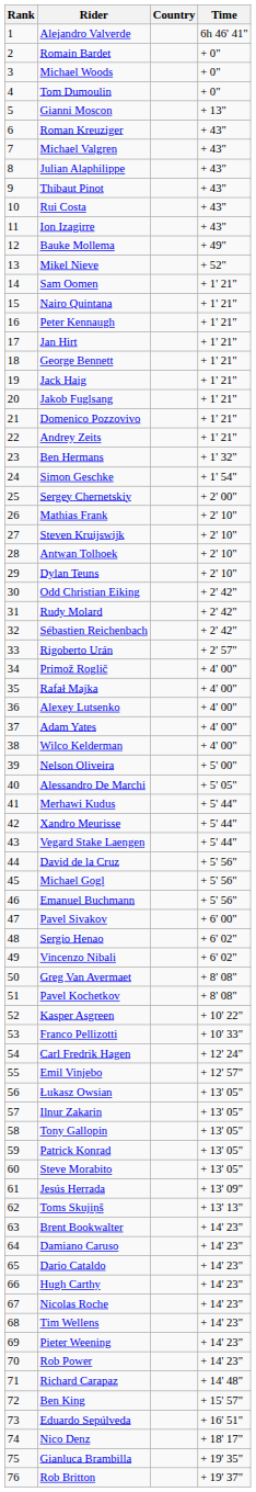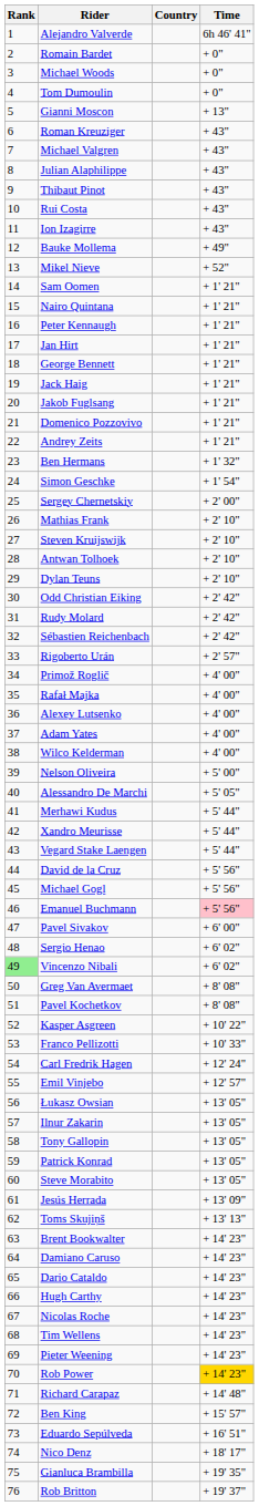 <table class="wikitable sortable" style="font-size:95%; text-align:left;">
 <tr>
 <th>Rank</th>
 <th>Rider</th>
 <th>Country</th>
 <th>Time</th>
 </tr>
 <tr>
 <td>1</td>
 <td><a href='#'>Alejandro Valverde</a></td>
 <td></td>
 <td>6h 46' 41"</td>
 </tr>
 <tr>
 <td>2</td>
 <td><a href='#'>Romain Bardet</a></td>
 <td></td>
 <td>+ 0"</td>
 </tr>
 <tr>
 <td>3</td>
 <td><a href='#'>Michael Woods</a></td>
 <td></td>
 <td>+ 0"</td>
 </tr>
 <tr>
 <td>4</td>
 <td><a href='#'>Tom Dumoulin</a></td>
 <td></td>
 <td>+ 0"</td>
 </tr>
 <tr>
 <td>5</td>
 <td><a href='#'>Gianni Moscon</a></td>
 <td></td>
 <td>+ 13"</td>
 </tr>
 <tr>
 <td>6</td>
 <td><a href='#'>Roman Kreuziger</a></td>
 <td></td>
 <td>+ 43"</td>
 </tr>
 <tr>
 <td>7</td>
 <td><a href='#'>Michael Valgren</a></td>
 <td></td>
 <td>+ 43"</td>
 </tr>
 <tr>
 <td>8</td>
 <td><a href='#'>Julian Alaphilippe</a></td>
 <td></td>
 <td>+ 43"</td>
 </tr>
 <tr>
 <td>9</td>
 <td><a href='#'>Thibaut Pinot</a></td>
 <td></td>
 <td>+ 43"</td>
 </tr>
 <tr>
 <td>10</td>
 <td><a href='#'>Rui Costa</a></td>
 <td></td>
 <td>+ 43"</td>
 </tr>
 <tr>
 <td>11</td>
 <td><a href='#'>Ion Izagirre</a></td>
 <td></td>
 <td>+ 43"</td>
 </tr>
 <tr>
 <td>12</td>
 <td><a href='#'>Bauke Mollema</a></td>
 <td></td>
 <td>+ 49"</td>
 </tr>
 <tr>
 <td>13</td>
 <td><a href='#'>Mikel Nieve</a></td>
 <td></td>
 <td>+ 52"</td>
 </tr>
 <tr>
 <td>14</td>
 <td><a href='#'>Sam Oomen</a></td>
 <td></td>
 <td>+ 1' 21"</td>
 </tr>
 <tr>
 <td>15</td>
 <td><a href='#'>Nairo Quintana</a></td>
 <td></td>
 <td>+ 1' 21"</td>
 </tr>
 <tr>
 <td>16</td>
 <td><a href='#'>Peter Kennaugh</a></td>
 <td></td>
 <td>+ 1' 21"</td>
 </tr>
 <tr>
 <td>17</td>
 <td><a href='#'>Jan Hirt</a></td>
 <td></td>
 <td>+ 1' 21"</td>
 </tr>
 <tr>
 <td>18</td>
 <td><a href='#'>George Bennett</a></td>
 <td></td>
 <td>+ 1' 21"</td>
 </tr>
 <tr>
 <td>19</td>
 <td><a href='#'>Jack Haig</a></td>
 <td></td>
 <td>+ 1' 21"</td>
 </tr>
 <tr>
 <td>20</td>
 <td><a href='#'>Jakob Fuglsang</a></td>
 <td></td>
 <td>+ 1' 21"</td>
 </tr>
 <tr>
 <td>21</td>
 <td><a href='#'>Domenico Pozzovivo</a></td>
 <td></td>
 <td>+ 1' 21"</td>
 </tr>
 <tr>
 <td>22</td>
 <td><a href='#'>Andrey Zeits</a></td>
 <td></td>
 <td>+ 1' 21"</td>
 </tr>
 <tr>
 <td>23</td>
 <td><a href='#'>Ben Hermans</a></td>
 <td></td>
 <td>+ 1' 32"</td>
 </tr>
 <tr>
 <td>24</td>
 <td><a href='#'>Simon Geschke</a></td>
 <td></td>
 <td>+ 1' 54"</td>
 </tr>
 <tr>
 <td>25</td>
 <td><a href='#'>Sergey Chernetskiy</a></td>
 <td></td>
 <td>+ 2' 00"</td>
 </tr>
 <tr>
 <td>26</td>
 <td><a href='#'>Mathias Frank</a></td>
 <td></td>
 <td>+ 2' 10"</td>
 </tr>
 <tr>
 <td>27</td>
 <td><a href='#'>Steven Kruijswijk</a></td>
 <td></td>
 <td>+ 2' 10"</td>
 </tr>
 <tr>
 <td>28</td>
 <td><a href='#'>Antwan Tolhoek</a></td>
 <td></td>
 <td>+ 2' 10"</td>
 </tr>
 <tr>
 <td>29</td>
 <td><a href='#'>Dylan Teuns</a></td>
 <td></td>
 <td>+ 2' 10"</td>
 </tr>
 <tr>
 <td>30</td>
 <td><a href='#'>Odd Christian Eiking</a></td>
 <td></td>
 <td>+ 2' 42"</td>
 </tr>
 <tr>
 <td>31</td>
 <td><a href='#'>Rudy Molard</a></td>
 <td></td>
 <td>+ 2' 42"</td>
 </tr>
 <tr>
 <td>32</td>
 <td><a href='#'>Sébastien Reichenbach</a></td>
 <td></td>
 <td>+ 2' 42"</td>
 </tr>
 <tr>
 <td>33</td>
 <td><a href='#'>Rigoberto Urán</a></td>
 <td></td>
 <td>+ 2' 57"</td>
 </tr>
 <tr>
 <td>34</td>
 <td><a href='#'>Primož Roglič</a></td>
 <td></td>
 <td>+ 4' 00"</td>
 </tr>
 <tr>
 <td>35</td>
 <td><a href='#'>Rafał Majka</a></td>
 <td></td>
 <td>+ 4' 00"</td>
 </tr>
 <tr>
 <td>36</td>
 <td><a href='#'>Alexey Lutsenko</a></td>
 <td></td>
 <td>+ 4' 00"</td>
 </tr>
 <tr>
 <td>37</td>
 <td><a href='#'>Adam Yates</a></td>
 <td></td>
 <td>+ 4' 00"</td>
 </tr>
 <tr>
 <td>38</td>
 <td><a href='#'>Wilco Kelderman</a></td>
 <td></td>
 <td>+ 4' 00"</td>
 </tr>
 <tr>
 <td>39</td>
 <td><a href='#'>Nelson Oliveira</a></td>
 <td></td>
 <td>+ 5' 00"</td>
 </tr>
 <tr>
 <td>40</td>
 <td><a href='#'>Alessandro De Marchi</a></td>
 <td></td>
 <td>+ 5' 05"</td>
 </tr>
 <tr>
 <td>41</td>
 <td><a href='#'>Merhawi Kudus</a></td>
 <td></td>
 <td>+ 5' 44"</td>
 </tr>
 <tr>
 <td>42</td>
 <td><a href='#'>Xandro Meurisse</a></td>
 <td></td>
 <td>+ 5' 44"</td>
 </tr>
 <tr>
 <td>43</td>
 <td><a href='#'>Vegard Stake Laengen</a></td>
 <td></td>
 <td>+ 5' 44"</td>
 </tr>
 <tr>
 <td>44</td>
 <td><a href='#'>David de la Cruz</a></td>
 <td></td>
 <td>+ 5' 56"</td>
 </tr>
 <tr>
 <td>45</td>
 <td><a href='#'>Michael Gogl</a></td>
 <td></td>
 <td>+ 5' 56"</td>
 </tr>
 <tr>
 <td>46</td>
 <td><a href='#'>Emanuel Buchmann</a></td>
 <td></td>
-<td>+ 5' 56"</td>
+<td style="background: pink;">+ 5' 56"</td>
 </tr>
 <tr>
 <td>47</td>
 <td><a href='#'>Pavel Sivakov</a></td>
 <td></td>
 <td>+ 6' 00"</td>
 </tr>
 <tr>
 <td>48</td>
 <td><a href='#'>Sergio Henao</a></td>
 <td></td>
 <td>+ 6' 02"</td>
 </tr>
 <tr>
-<td>49</td>
+<td style="background: lightgreen;">49</td>
 <td><a href='#'>Vincenzo Nibali</a></td>
 <td></td>
 <td>+ 6' 02"</td>
 </tr>
 <tr>
 <td>50</td>
 <td><a href='#'>Greg Van Avermaet</a></td>
 <td></td>
 <td>+ 8' 08"</td>
 </tr>
 <tr>
 <td>51</td>
 <td><a href='#'>Pavel Kochetkov</a></td>
 <td></td>
 <td>+ 8' 08"</td>
 </tr>
 <tr>
 <td>52</td>
 <td><a href='#'>Kasper Asgreen</a></td>
 <td></td>
 <td>+ 10' 22"</td>
 </tr>
 <tr>
 <td>53</td>
 <td><a href='#'>Franco Pellizotti</a></td>
 <td></td>
 <td>+ 10' 33"</td>
 </tr>
 <tr>
 <td>54</td>
 <td><a href='#'>Carl Fredrik Hagen</a></td>
 <td></td>
 <td>+ 12' 24"</td>
 </tr>
 <tr>
 <td>55</td>
 <td><a href='#'>Emil Vinjebo</a></td>
 <td></td>
 <td>+ 12' 57"</td>
 </tr>
 <tr>
 <td>56</td>
 <td><a href='#'>Łukasz Owsian</a></td>
 <td></td>
 <td>+ 13' 05"</td>
 </tr>
 <tr>
 <td>57</td>
 <td><a href='#'>Ilnur Zakarin</a></td>
 <td></td>
 <td>+ 13' 05"</td>
 </tr>
 <tr>
 <td>58</td>
 <td><a href='#'>Tony Gallopin</a></td>
 <td></td>
 <td>+ 13' 05"</td>
 </tr>
 <tr>
 <td>59</td>
 <td><a href='#'>Patrick Konrad</a></td>
 <td></td>
 <td>+ 13' 05"</td>
 </tr>
 <tr>
 <td>60</td>
 <td><a href='#'>Steve Morabito</a></td>
 <td></td>
 <td>+ 13' 05"</td>
 </tr>
 <tr>
 <td>61</td>
 <td><a href='#'>Jesús Herrada</a></td>
 <td></td>
 <td>+ 13' 09"</td>
 </tr>
 <tr>
 <td>62</td>
 <td><a href='#'>Toms Skujiņš</a></td>
 <td></td>
 <td>+ 13' 13"</td>
 </tr>
 <tr>
 <td>63</td>
 <td><a href='#'>Brent Bookwalter</a></td>
 <td></td>
 <td>+ 14' 23"</td>
 </tr>
 <tr>
 <td>64</td>
 <td><a href='#'>Damiano Caruso</a></td>
 <td></td>
 <td>+ 14' 23"</td>
 </tr>
 <tr>
 <td>65</td>
 <td><a href='#'>Dario Cataldo</a></td>
 <td></td>
 <td>+ 14' 23"</td>
 </tr>
 <tr>
 <td>66</td>
 <td><a href='#'>Hugh Carthy</a></td>
 <td></td>
 <td>+ 14' 23"</td>
 </tr>
 <tr>
 <td>67</td>
 <td><a href='#'>Nicolas Roche</a></td>
 <td></td>
 <td>+ 14' 23"</td>
 </tr>
 <tr>
 <td>68</td>
 <td><a href='#'>Tim Wellens</a></td>
 <td></td>
 <td>+ 14' 23"</td>
 </tr>
 <tr>
 <td>69</td>
 <td><a href='#'>Pieter Weening</a></td>
 <td></td>
 <td>+ 14' 23"</td>
 </tr>
 <tr>
 <td>70</td>
 <td><a href='#'>Rob Power</a></td>
 <td></td>
-<td>+ 14' 23"</td>
+<td style="background: gold;">+ 14' 23"</td>
 </tr>
 <tr>
 <td>71</td>
 <td><a href='#'>Richard Carapaz</a></td>
 <td></td>
 <td>+ 14' 48"</td>
 </tr>
 <tr>
 <td>72</td>
 <td><a href='#'>Ben King</a></td>
 <td></td>
 <td>+ 15' 57"</td>
 </tr>
 <tr>
 <td>73</td>
 <td><a href='#'>Eduardo Sepúlveda</a></td>
 <td></td>
 <td>+ 16' 51"</td>
 </tr>
 <tr>
 <td>74</td>
 <td><a href='#'>Nico Denz</a></td>
 <td></td>
 <td>+ 18' 17"</td>
 </tr>
 <tr>
 <td>75</td>
 <td><a href='#'>Gianluca Brambilla</a></td>
 <td></td>
 <td>+ 19' 35"</td>
 </tr>
 <tr>
 <td>76</td>
 <td><a href='#'>Rob Britton</a></td>
 <td></td>
 <td>+ 19' 37"</td>
 </tr>
 </table>
